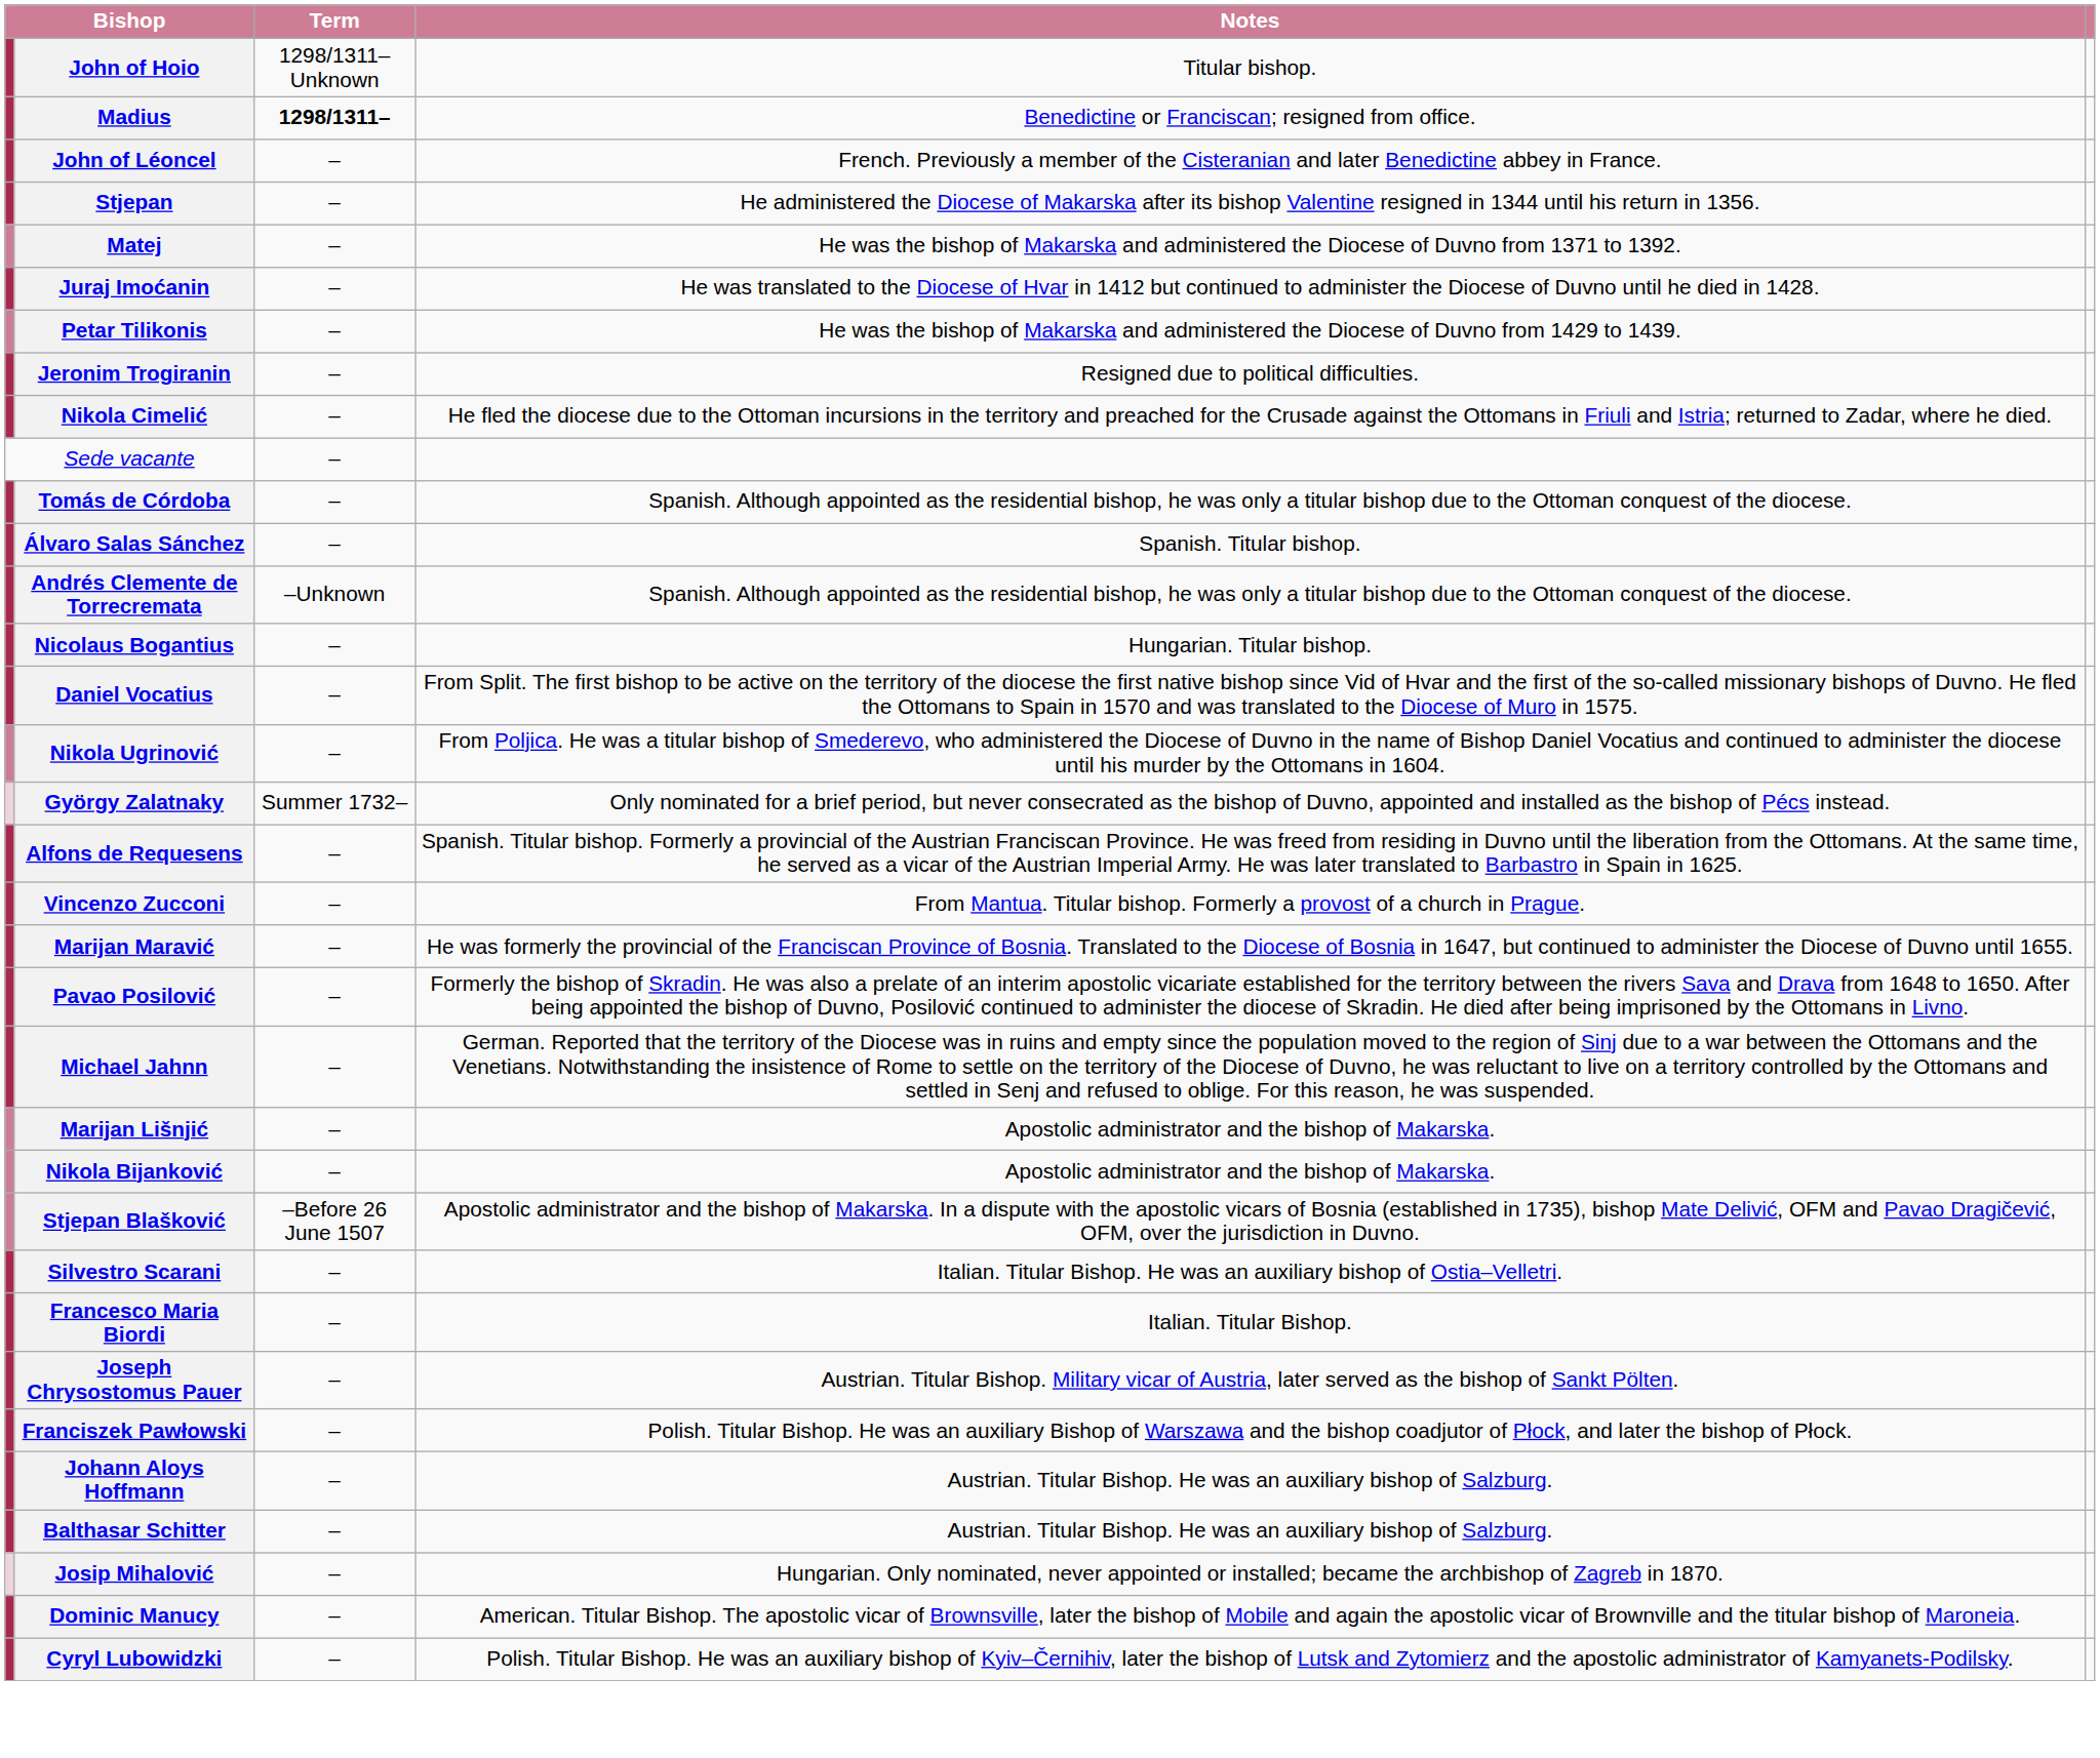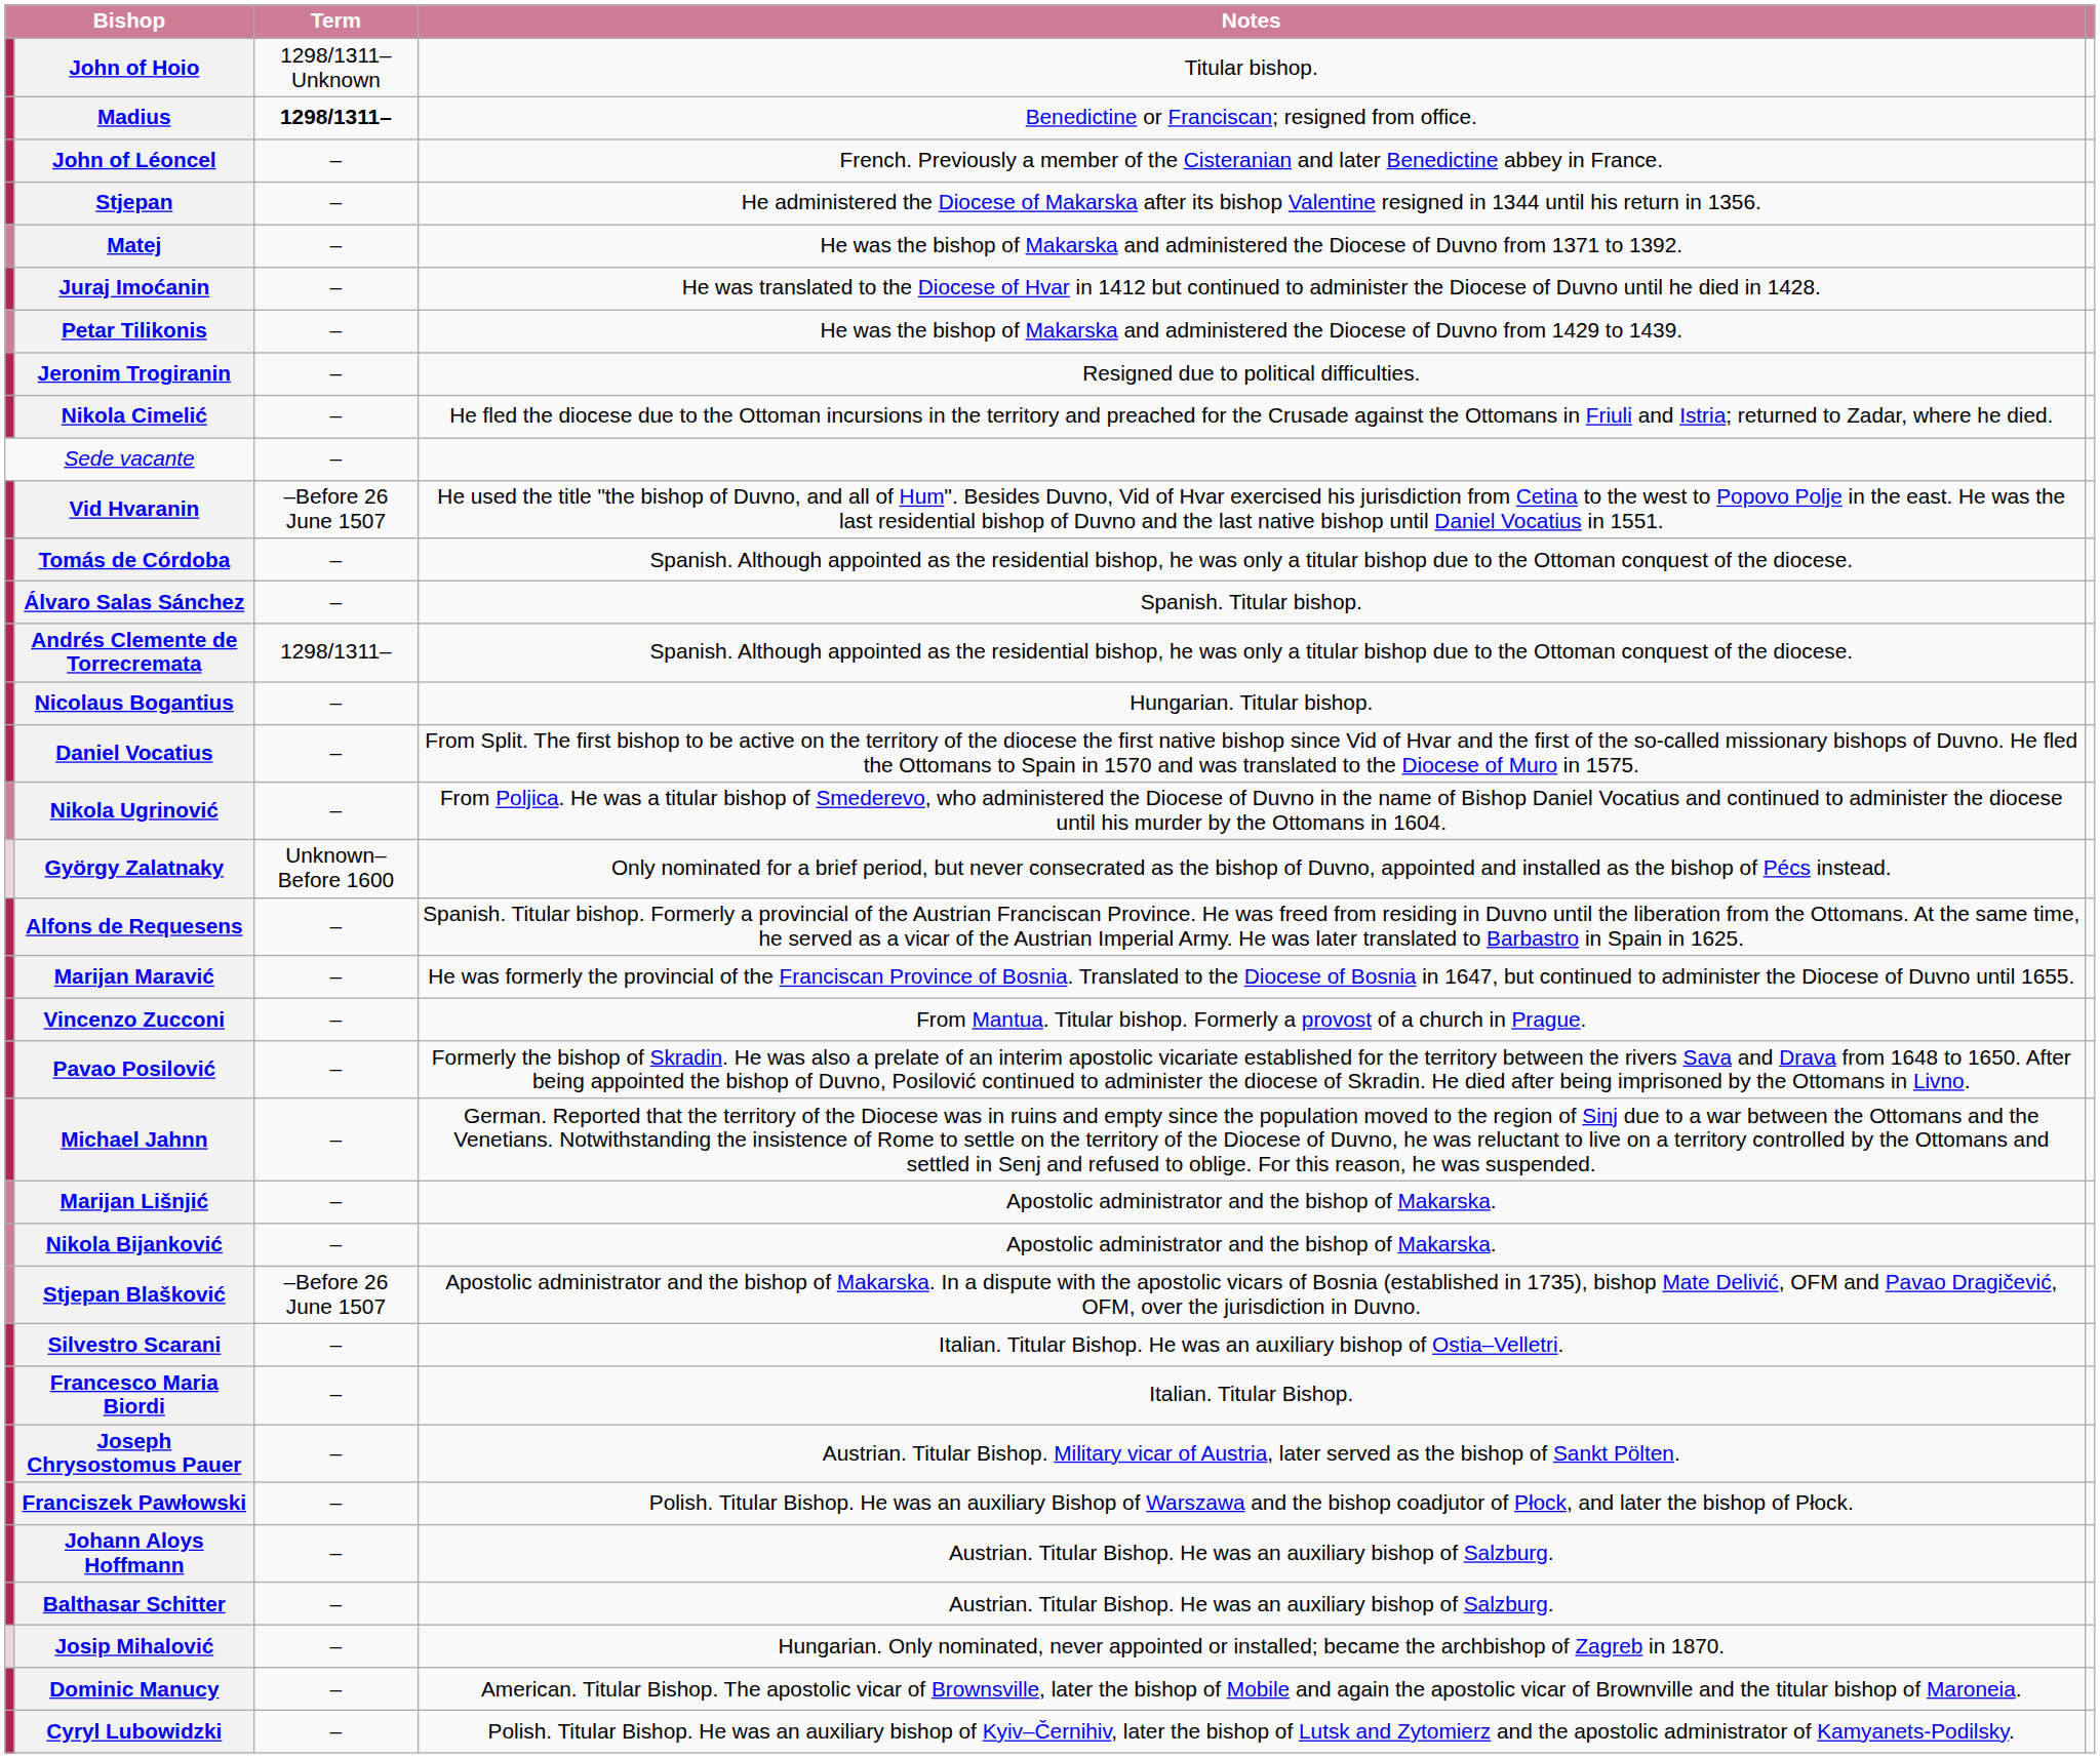 <table class="wikitable" style="text-align:center;">
 <tr>
 <th colspan=2 style="background-color: #cd7d95; color: white;">Bishop</th>
 <th scope=col style="background-color: #cd7d95; color: white;">Term</th>
 <th scope=col style="background-color: #cd7d95; color: white;">Notes</th>
 <th scope=col style="background-color: #cd7d95; color: white;"></th>
 </tr>
 <tr style="height:2em;">
 <td align=center style="background: #ab274f"></td>
 <th scope=row><a href='#'>John of Hoio</a></th>
 <td>1298/1311–Unknown</td>
 <td>Titular bishop.</td>
 <td></td>
 </tr>
 <tr style="height:2em;">
 <td align=center style="background: #ab274f"></td>
 <th scope=row><a href='#'>Madius</a></th>
 <td><strong>1298/1311–</strong></td>
 <td><a href='#'>Benedictine</a> or <a href='#'>Franciscan</a>; resigned from office.</td>
 <td></td>
 </tr>
 <tr style="height:2em;">
 <td align=center style="background: #ab274f"></td>
 <th scope=row><a href='#'>John of Léoncel</a></th>
 <td>–</td>
 <td>French. Previously a member of the <a href='#'>Cisteranian</a> and later <a href='#'>Benedictine</a> abbey in France.</td>
 <td></td>
 </tr>
 <tr style="height:2em;">
 <td align=center style="background: #ab274f"></td>
 <th scope=row><a href='#'>Stjepan</a></th>
 <td>–</td>
 <td>He administered the <a href='#'>Diocese of Makarska</a> after its bishop <a href='#'>Valentine</a> resigned in 1344 until his return in 1356.</td>
 <td></td>
 </tr>
 <tr style="height:2em;">
 <td align=center style="background: #cd7d95"></td>
 <th scope=row><a href='#'>Matej</a></th>
 <td>–</td>
 <td>He was the bishop of <a href='#'>Makarska</a> and administered the Diocese of Duvno from 1371 to 1392.</td>
 <td></td>
 </tr>
 <tr style="height:2em;">
 <td align=center style="background: #ab274f"></td>
 <th scope=row><a href='#'>Juraj Imoćanin</a></th>
 <td>–</td>
 <td>He was translated to the <a href='#'>Diocese of Hvar</a> in 1412 but continued to administer the Diocese of Duvno until he died in 1428.</td>
 <td></td>
 </tr>
 <tr style="height:2em;">
 <td align=center style="background: #cd7d95"></td>
 <th scope=row><a href='#'>Petar Tilikonis</a></th>
 <td>–</td>
 <td>He was the bishop of <a href='#'>Makarska</a> and administered the Diocese of Duvno from 1429 to 1439.</td>
 <td></td>
 </tr>
 <tr style="height:2em;">
 <td align=center style="background: #ab274f"></td>
 <th scope=row><a href='#'>Jeronim Trogiranin</a></th>
 <td>–</td>
 <td>Resigned due to political difficulties.</td>
 <td></td>
 </tr>
 <tr style="height:2em;">
 <td align=center style="background: #ab274f"></td>
 <th scope=row><a href='#'>Nikola Cimelić</a></th>
 <td>–</td>
 <td>He fled the diocese due to the Ottoman incursions in the territory and preached for the Crusade against the Ottomans in <a href='#'>Friuli</a> and <a href='#'>Istria</a>; returned to Zadar, where he died.</td>
 <td></td>
 </tr>
 <tr style="height:2em;">
 <td colspan=2><em><a href='#'>Sede vacante</a></em></td>
 <td>–</td>
 <td></td>
 <td></td>
 </tr>
 <tr style="height:2em;">
 <td align=center style="background: #ab274f"></td>
+<th scope=row><a href='#'>Vid Hvaranin</a></th>
+<td>–Before 26 June 1507</td>
+<td>He used the title "the bishop of Duvno, and all of <a href='#'>Hum</a>". Besides Duvno, Vid of Hvar exercised his jurisdiction from <a href='#'>Cetina</a> to the west to <a href='#'>Popovo Polje</a> in the east. He was the last residential bishop of Duvno and the last native bishop until <a href='#'>Daniel Vocatius</a> in 1551.</td>
+<td></td>
+</tr>
+<tr style="height:2em;">
+<td align=center style="background: #ab274f"></td>
 <th scope=row><a href='#'>Tomás de Córdoba</a></th>
 <td>–</td>
 <td>Spanish. Although appointed as the residential bishop, he was only a titular bishop due to the Ottoman conquest of the diocese.</td>
 <td></td>
 </tr>
 <tr style="height:2em;">
 <td align=center style="background: #ab274f"></td>
 <th scope=row><a href='#'>Álvaro Salas Sánchez</a></th>
 <td>–</td>
 <td>Spanish. Titular bishop.</td>
 <td></td>
 </tr>
 <tr style="height:2em;">
 <td align=center style="background: #ab274f"></td>
 <th scope=row><a href='#'>Andrés Clemente de Torrecremata</a></th>
-<td>–Unknown</td>
+<td>1298/1311–</td>
 <td>Spanish. Although appointed as the residential bishop, he was only a titular bishop due to the Ottoman conquest of the diocese.</td>
 <td></td>
 </tr>
 <tr style="height:2em;">
 <td align=center style="background: #ab274f"></td>
 <th scope=row><a href='#'>Nicolaus Bogantius</a></th>
 <td>–</td>
 <td>Hungarian. Titular bishop.</td>
 <td></td>
 </tr>
 <tr style="height:2em;">
 <td align=center style="background: #ab274f"></td>
 <th scope=row><a href='#'>Daniel Vocatius</a></th>
 <td>–</td>
 <td>From Split. The first bishop to be active on the territory of the diocese the first native bishop since Vid of Hvar and the first of the so-called missionary bishops of Duvno. He fled the Ottomans to Spain in 1570 and was translated to the <a href='#'>Diocese of Muro</a> in 1575.</td>
 <td></td>
 </tr>
 <tr style="height:2em;">
 <td align=center style="background: #cd7d95"></td>
 <th scope=row><a href='#'>Nikola Ugrinović</a></th>
 <td>–</td>
 <td>From <a href='#'>Poljica</a>. He was a titular bishop of <a href='#'>Smederevo</a>, who administered the Diocese of Duvno in the name of Bishop Daniel Vocatius and continued to administer the diocese until his murder by the Ottomans in 1604.</td>
 <td></td>
 </tr>
 <tr style="height:2em;">
 <td align=center style="background: #eed4dc"></td>
 <th scope=row><a href='#'>György Zalatnaky</a></th>
-<td>Summer 1732–</td>
+<td>Unknown–Before 1600</td>
 <td>Only nominated for a brief period, but never consecrated as the bishop of Duvno, appointed and installed as the bishop of <a href='#'>Pécs</a> instead.</td>
 <td></td>
 </tr>
 <tr style="height:2em;">
 <td align=center style="background: #ab274f"></td>
 <th scope=row><a href='#'>Alfons de Requesens</a></th>
 <td>–</td>
 <td>Spanish. Titular bishop. Formerly a provincial of the Austrian Franciscan Province. He was freed from residing in Duvno until the liberation from the Ottomans. At the same time, he served as a vicar of the Austrian Imperial Army. He was later translated to <a href='#'>Barbastro</a> in Spain in 1625.</td>
 <td></td>
 </tr>
 <tr style="height:2em;">
 <td align=center style="background: #ab274f"></td>
-<th scope=row><a href='#'>Vincenzo Zucconi</a></th>
+<th scope=row><a href='#'>Marijan Maravić</a></th>
 <td>–</td>
-<td>From <a href='#'>Mantua</a>. Titular bishop. Formerly a <a href='#'>provost</a> of a church in <a href='#'>Prague</a>.</td>
+<td>He was formerly the provincial of the <a href='#'>Franciscan Province of Bosnia</a>. Translated to the <a href='#'>Diocese of Bosnia</a> in 1647, but continued to administer the Diocese of Duvno until 1655.</td>
 <td></td>
 </tr>
 <tr style="height:2em;">
 <td align=center style="background: #ab274f"></td>
-<th scope=row><a href='#'>Marijan Maravić</a></th>
+<th scope=row><a href='#'>Vincenzo Zucconi</a></th>
 <td>–</td>
-<td>He was formerly the provincial of the <a href='#'>Franciscan Province of Bosnia</a>. Translated to the <a href='#'>Diocese of Bosnia</a> in 1647, but continued to administer the Diocese of Duvno until 1655.</td>
+<td>From <a href='#'>Mantua</a>. Titular bishop. Formerly a <a href='#'>provost</a> of a church in <a href='#'>Prague</a>.</td>
 <td></td>
 </tr>
 <tr style="height:2em;">
 <td align=center style="background: #ab274f"></td>
 <th scope=row><a href='#'>Pavao Posilović</a></th>
 <td>–</td>
 <td>Formerly the bishop of <a href='#'>Skradin</a>. He was also a prelate of an interim apostolic vicariate established for the territory between the rivers <a href='#'>Sava</a> and <a href='#'>Drava</a> from 1648 to 1650. After being appointed the bishop of Duvno, Posilović continued to administer the diocese of Skradin. He died after being imprisoned by the Ottomans in <a href='#'>Livno</a>.</td>
 <td></td>
 </tr>
 <tr style="height:2em;">
 <td align=center style="background: #ab274f"></td>
 <th scope=row><a href='#'>Michael Jahnn</a></th>
 <td>–</td>
 <td>German. Reported that the territory of the Diocese was in ruins and empty since the population moved to the region of <a href='#'>Sinj</a> due to a war between the Ottomans and the Venetians. Notwithstanding the insistence of Rome to settle on the territory of the Diocese of Duvno, he was reluctant to live on a territory controlled by the Ottomans and settled in Senj and refused to oblige. For this reason, he was suspended.</td>
 <td></td>
 </tr>
 <tr style="height:2em;">
 <td align=center style="background: #cd7d95"></td>
 <th scope=row><a href='#'>Marijan Lišnjić</a></th>
 <td>–</td>
 <td>Apostolic administrator and the bishop of <a href='#'>Makarska</a>.</td>
 <td></td>
 </tr>
 <tr style="height:2em;">
 <td align=center style="background: #cd7d95"></td>
 <th scope=row><a href='#'>Nikola Bijanković</a></th>
 <td>–</td>
 <td>Apostolic administrator and the bishop of <a href='#'>Makarska</a>.</td>
 <td></td>
 </tr>
 <tr style="height:2em;">
 <td align=center style="background: #cd7d95"></td>
 <th scope=row><a href='#'>Stjepan Blašković</a></th>
 <td>–Before 26 June 1507</td>
 <td>Apostolic administrator and the bishop of <a href='#'>Makarska</a>. In a dispute with the apostolic vicars of Bosnia (established in 1735), bishop <a href='#'>Mate Delivić</a>, OFM and <a href='#'>Pavao Dragičević</a>, OFM, over the jurisdiction in Duvno.</td>
 <td></td>
 </tr>
 <tr style="height:2em;">
 <td align=center style="background: #ab274f"></td>
 <th scope=row><a href='#'>Silvestro Scarani</a></th>
 <td>–</td>
 <td>Italian. Titular Bishop. He was an auxiliary bishop of <a href='#'>Ostia–Velletri</a>.</td>
 <td></td>
 </tr>
 <tr style="height:2em;">
 <td align=center style="background: #ab274f"></td>
 <th scope=row><a href='#'>Francesco Maria Biordi</a></th>
 <td>–</td>
 <td>Italian. Titular Bishop.</td>
 <td></td>
 </tr>
 <tr style="height:2em;">
 <td align=center style="background: #ab274f"></td>
 <th scope=row><a href='#'>Joseph Chrysostomus Pauer</a></th>
 <td>–</td>
 <td>Austrian. Titular Bishop. <a href='#'>Military vicar of Austria</a>, later served as the bishop of <a href='#'>Sankt Pölten</a>.</td>
 <td></td>
 </tr>
 <tr style="height:2em;">
 <td align=center style="background: #ab274f"></td>
 <th scope=row><a href='#'>Franciszek Pawłowski</a></th>
 <td>–</td>
 <td>Polish. Titular Bishop. He was an auxiliary Bishop of <a href='#'>Warszawa</a> and the bishop coadjutor of <a href='#'>Płock</a>, and later the bishop of Płock.</td>
 <td></td>
 </tr>
 <tr style="height:2em;">
 <td align=center style="background: #ab274f"></td>
 <th scope=row><a href='#'>Johann Aloys Hoffmann</a></th>
 <td>–</td>
 <td>Austrian. Titular Bishop. He was an auxiliary bishop of <a href='#'>Salzburg</a>.</td>
 <td></td>
 </tr>
 <tr style="height:2em;">
 <td align=center style="background: #ab274f"></td>
 <th scope=row><a href='#'>Balthasar Schitter</a></th>
 <td>–</td>
 <td>Austrian. Titular Bishop. He was an auxiliary bishop of <a href='#'>Salzburg</a>.</td>
 <td></td>
 </tr>
 <tr style="height:2em;">
 <td align=center style="background: #eed4dc"></td>
 <th scope=row><a href='#'>Josip Mihalović</a></th>
 <td>–</td>
 <td>Hungarian. Only nominated, never appointed or installed; became the archbishop of <a href='#'>Zagreb</a> in 1870.</td>
 <td></td>
 </tr>
 <tr style="height:2em;">
 <td align=center style="background: #ab274f"></td>
 <th scope=row><a href='#'>Dominic Manucy</a></th>
 <td>–</td>
 <td>American. Titular Bishop. The apostolic vicar of <a href='#'>Brownsville</a>, later the bishop of <a href='#'>Mobile</a> and again the apostolic vicar of Brownville and the titular bishop of <a href='#'>Maroneia</a>.</td>
 <td></td>
 </tr>
 <tr style="height:2em;">
 <td align=center style="background: #ab274f"></td>
 <th scope=row><a href='#'>Cyryl Lubowidzki</a></th>
 <td>–</td>
 <td>Polish. Titular Bishop. He was an auxiliary bishop of <a href='#'>Kyiv–Černihiv</a>, later the bishop of <a href='#'>Lutsk and Zytomierz</a> and the apostolic administrator of <a href='#'>Kamyanets-Podilsky</a>.</td>
 <td></td>
 </tr>
 </table>
